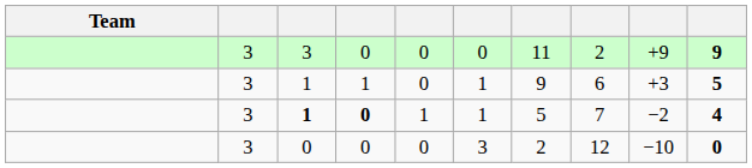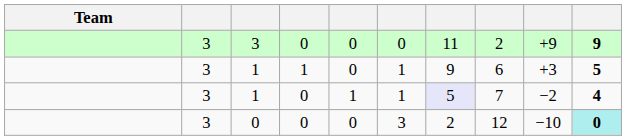 <table class="wikitable" style="text-align:center;">
 <tr>
 <th width=165>Team</th>
 <th width=40></th>
 <th width=40></th>
 <th width=40></th>
 <th width=40></th>
 <th width=40></th>
 <th width=40></th>
 <th width=40></th>
 <th width=40></th>
 <th width=40></th>
 </tr>
 <tr bgcolor=ccffcc>
 <td style="text-align:left;"></td>
 <td>3</td>
 <td>3</td>
 <td>0</td>
 <td>0</td>
 <td>0</td>
 <td>11</td>
 <td>2</td>
 <td>+9</td>
 <td><strong>9</strong></td>
 </tr>
 <tr>
 <td style="text-align:left;"></td>
 <td>3</td>
 <td>1</td>
 <td>1</td>
 <td>0</td>
 <td>1</td>
 <td>9</td>
 <td>6</td>
 <td>+3</td>
 <td><strong>5</strong></td>
 </tr>
 <tr>
 <td style="text-align:left;"></td>
 <td>3</td>
-<td><strong>1</strong></td>
-<td><strong>0</strong></td>
+<td>1</td>
+<td>0</td>
 <td>1</td>
 <td>1</td>
-<td>5</td>
+<td style="background: lavender;">5</td>
 <td>7</td>
 <td>−2</td>
 <td><strong>4</strong></td>
 </tr>
 <tr>
 <td style="text-align:left;"></td>
 <td>3</td>
 <td>0</td>
 <td>0</td>
 <td>0</td>
 <td>3</td>
 <td>2</td>
 <td>12</td>
 <td>−10</td>
-<td><strong>0</strong></td>
+<td style="background: paleturquoise;"><strong>0</strong></td>
 </tr>
 </table>
